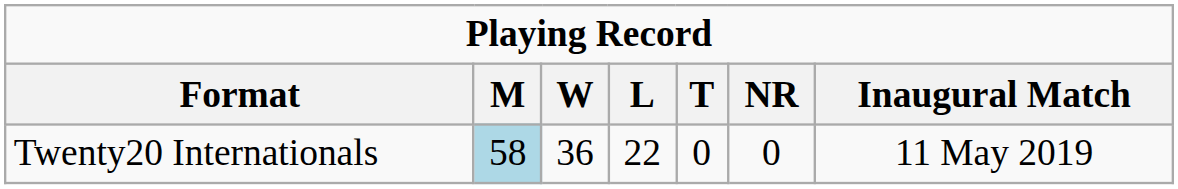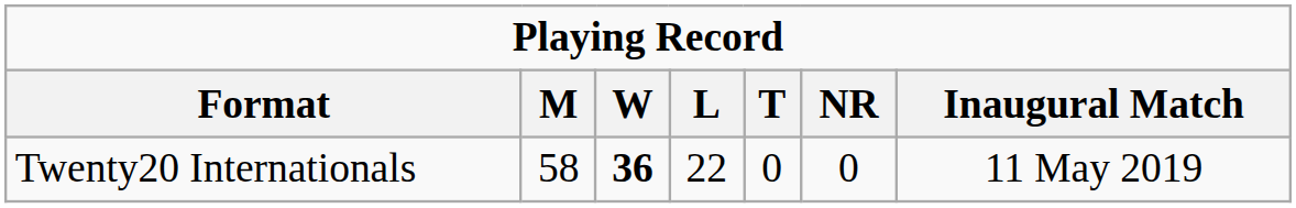 <table class="wikitable" style="text-align: center; width: 500px;">
 <tr>
 <td colspan=7 align="center"><strong>Playing Record</strong></td>
 </tr>
 <tr>
 <th>Format</th>
 <th>M</th>
 <th>W</th>
 <th>L</th>
 <th>T</th>
 <th>NR</th>
 <th>Inaugural Match</th>
 </tr>
 <tr>
 <td align="left">Twenty20 Internationals</td>
-<td style="background: lightblue;">58</td>
-<td>36</td>
+<td>58</td>
+<td><strong>36</strong></td>
 <td>22</td>
 <td>0</td>
 <td>0</td>
 <td>11 May 2019</td>
 </tr>
 </table>
